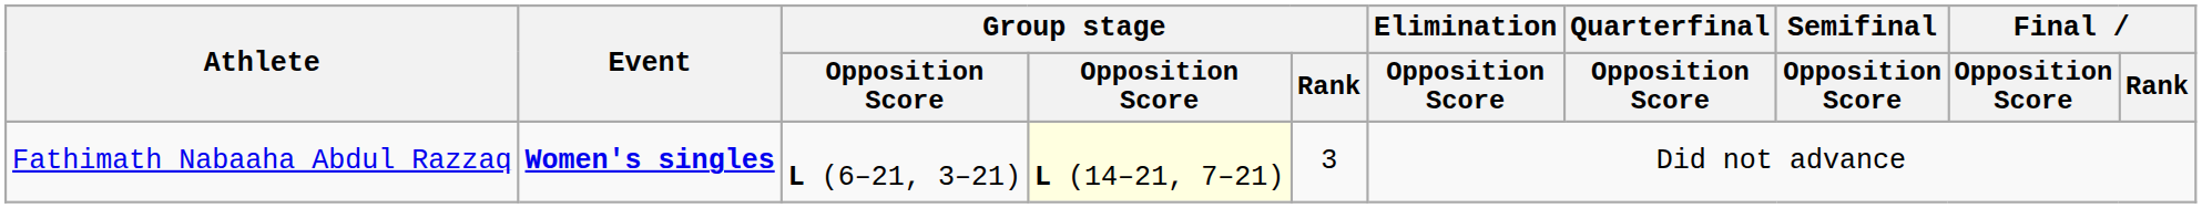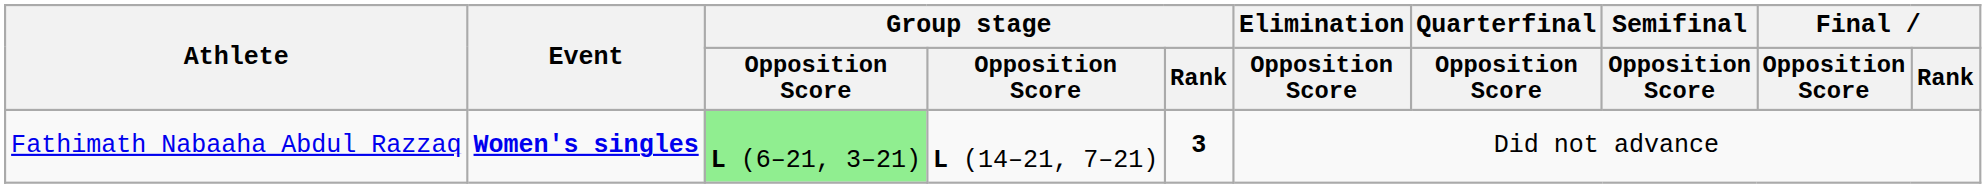 <table class="wikitable" style="font-size:90%">
 <tr>
 <th rowspan=2>Athlete</th>
 <th rowspan=2>Event</th>
 <th colspan=3>Group stage</th>
 <th>Elimination</th>
 <th>Quarterfinal</th>
 <th>Semifinal</th>
 <th colspan=2>Final / </th>
 </tr>
 <tr style="font-size:95%">
 <th>Opposition<br>Score</th>
 <th>Opposition<br>Score</th>
 <th>Rank</th>
 <th>Opposition<br>Score</th>
 <th>Opposition<br>Score</th>
 <th>Opposition<br>Score</th>
 <th>Opposition<br>Score</th>
 <th>Rank</th>
 </tr>
 <tr align=center>
 <td align=left><a href='#'>Fathimath Nabaaha Abdul Razzaq</a></td>
 <td align=left><strong><a href='#'>Women's singles</a></strong></td>
-<td><br><strong>L</strong> (6–21, 3–21)</td>
-<td style="background: lightyellow;"><br><strong>L</strong> (14–21, 7–21)</td>
-<td>3</td>
+<td style="background: lightgreen;"><br><strong>L</strong> (6–21, 3–21)</td>
+<td><br><strong>L</strong> (14–21, 7–21)</td>
+<td><strong>3</strong></td>
 <td colspan=5>Did not advance</td>
 </tr>
 </table>
